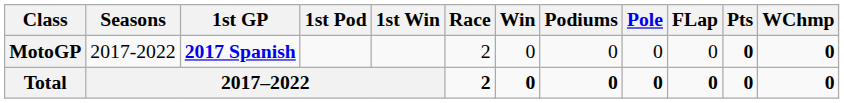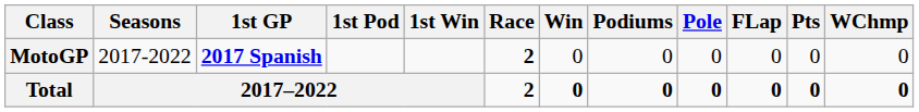 <table class="wikitable" style=text-align:right>
 <tr>
 <th>Class</th>
 <th>Seasons</th>
 <th>1st GP</th>
 <th>1st Pod</th>
 <th>1st Win</th>
 <th>Race</th>
 <th>Win</th>
 <th>Podiums</th>
 <th><a href='#'>Pole</a></th>
 <th>FLap</th>
 <th>Pts</th>
 <th>WChmp</th>
 </tr>
 <tr>
 <th>MotoGP</th>
 <td>2017-2022</td>
 <td align="left"><strong><a href='#'>2017 Spanish</a></strong></td>
 <td align="left"></td>
 <td align="left"></td>
-<td>2</td>
+<td><strong>2</strong></td>
 <td>0</td>
 <td>0</td>
 <td>0</td>
 <td>0</td>
-<td><strong>0</strong></td>
-<td><strong>0</strong></td>
+<td>0</td>
+<td>0</td>
 </tr>
 <tr>
 <th>Total</th>
 <th colspan=4>2017–2022</th>
 <td><strong>2</strong></td>
 <td><strong>0</strong></td>
 <td><strong>0</strong></td>
 <td><strong>0</strong></td>
 <td><strong>0</strong></td>
 <td><strong>0</strong></td>
 <td><strong>0</strong></td>
 </tr>
 </table>
